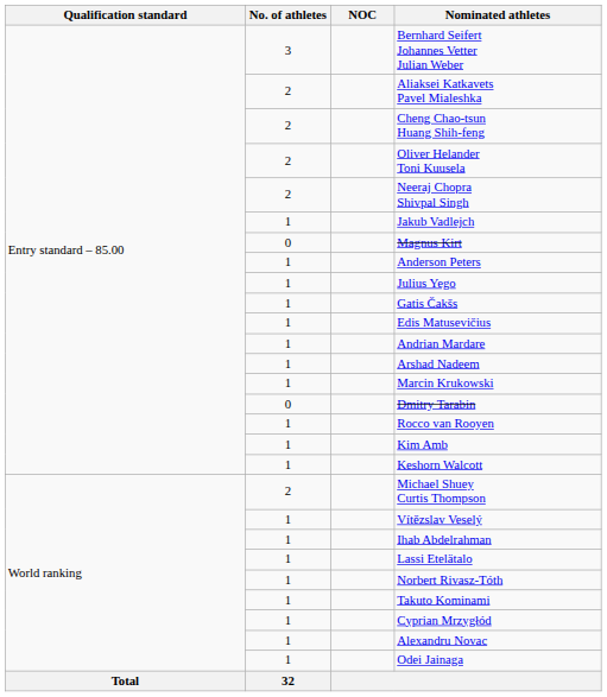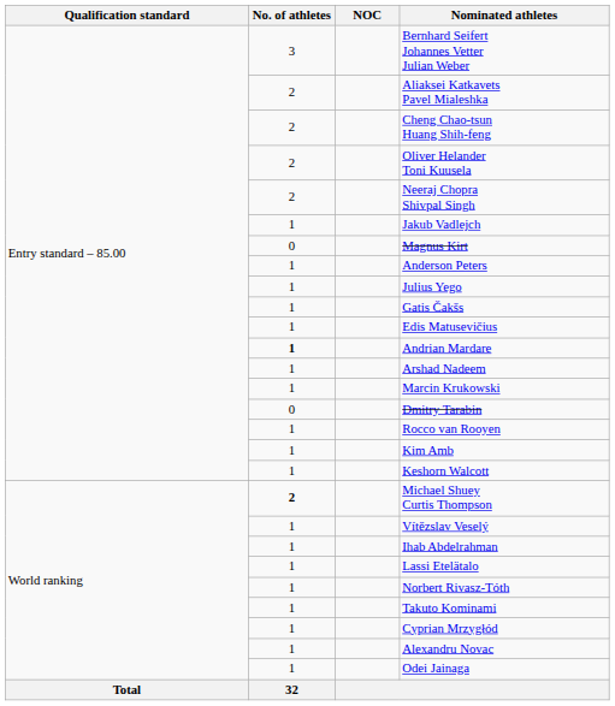 <table class="wikitable" style="text-align:left; width:750px;">
 <tr>
 <th>Qualification standard</th>
 <th width=100>No. of athletes</th>
 <th>NOC</th>
 <th>Nominated athletes</th>
 </tr>
 <tr>
 <td rowspan="18">Entry standard – 85.00</td>
 <td align=center>3</td>
 <td></td>
 <td><a href='#'>Bernhard Seifert</a><br><a href='#'>Johannes Vetter</a><br><a href='#'>Julian Weber</a></td>
 </tr>
 <tr>
 <td align=center>2</td>
 <td></td>
 <td><a href='#'>Aliaksei Katkavets</a><br><a href='#'>Pavel Mialeshka</a></td>
 </tr>
 <tr>
 <td align=center>2</td>
 <td></td>
 <td><a href='#'>Cheng Chao-tsun</a><br><a href='#'>Huang Shih-feng</a></td>
 </tr>
 <tr>
 <td align=center>2</td>
 <td></td>
 <td><a href='#'>Oliver Helander</a><br><a href='#'>Toni Kuusela</a></td>
 </tr>
 <tr>
 <td align=center>2</td>
 <td></td>
 <td><a href='#'>Neeraj Chopra</a><br><a href='#'>Shivpal Singh</a></td>
 </tr>
 <tr>
 <td align=center>1</td>
 <td></td>
 <td><a href='#'>Jakub Vadlejch</a></td>
 </tr>
 <tr>
 <td align=center>0</td>
 <td></td>
 <td><s><a href='#'>Magnus Kirt</a></s></td>
 </tr>
 <tr>
 <td align=center>1</td>
 <td></td>
 <td><a href='#'>Anderson Peters</a></td>
 </tr>
 <tr>
 <td align=center>1</td>
 <td></td>
 <td><a href='#'>Julius Yego</a></td>
 </tr>
 <tr>
 <td align=center>1</td>
 <td></td>
 <td><a href='#'>Gatis Čakšs</a></td>
 </tr>
 <tr>
 <td align=center>1</td>
 <td></td>
 <td><a href='#'>Edis Matusevičius</a></td>
 </tr>
 <tr>
-<td align=center>1</td>
+<td align=center><strong>1</strong></td>
 <td></td>
 <td><a href='#'>Andrian Mardare</a></td>
 </tr>
 <tr>
 <td align=center>1</td>
 <td></td>
 <td><a href='#'>Arshad Nadeem</a></td>
 </tr>
 <tr>
 <td align=center>1</td>
 <td></td>
 <td><a href='#'>Marcin Krukowski</a></td>
 </tr>
 <tr>
 <td align=center>0</td>
 <td></td>
 <td><s><a href='#'>Dmitry Tarabin</a></s></td>
 </tr>
 <tr>
 <td align="center">1</td>
 <td></td>
 <td><a href='#'>Rocco van Rooyen</a></td>
 </tr>
 <tr>
 <td align="center">1</td>
 <td></td>
 <td><a href='#'>Kim Amb</a></td>
 </tr>
 <tr>
 <td align=center>1</td>
 <td></td>
 <td><a href='#'>Keshorn Walcott</a></td>
 </tr>
 <tr>
 <td rowspan=9>World ranking</td>
-<td align=center>2</td>
+<td align=center><strong>2</strong></td>
 <td></td>
 <td><a href='#'>Michael Shuey</a><br><a href='#'>Curtis Thompson</a></td>
 </tr>
 <tr>
 <td align=center>1</td>
 <td></td>
 <td><a href='#'>Vítězslav Veselý</a></td>
 </tr>
 <tr>
 <td align=center>1</td>
 <td></td>
 <td><a href='#'>Ihab Abdelrahman</a></td>
 </tr>
 <tr>
 <td align=center>1</td>
 <td></td>
 <td><a href='#'>Lassi Etelätalo</a></td>
 </tr>
 <tr>
 <td align=center>1</td>
 <td></td>
 <td><a href='#'>Norbert Rivasz-Tóth</a></td>
 </tr>
 <tr>
 <td align=center>1</td>
 <td></td>
 <td><a href='#'>Takuto Kominami</a></td>
 </tr>
 <tr>
 <td align=center>1</td>
 <td></td>
 <td><a href='#'>Cyprian Mrzygłód</a></td>
 </tr>
 <tr>
 <td align=center>1</td>
 <td></td>
 <td><a href='#'>Alexandru Novac</a></td>
 </tr>
 <tr>
 <td align=center>1</td>
 <td></td>
 <td><a href='#'>Odei Jainaga</a></td>
 </tr>
 <tr>
 <th>Total</th>
 <th>32</th>
 <th colspan=2></th>
 </tr>
 </table>
